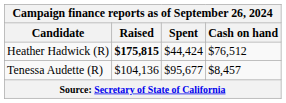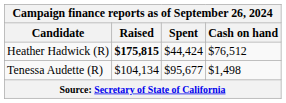 <table class="wikitable sortable">
 <tr>
 <th colspan=4>Campaign finance reports as of September 26, 2024</th>
 </tr>
 <tr style="text-align:center;">
 <th>Candidate</th>
 <th>Raised</th>
 <th>Spent</th>
 <th>Cash on hand</th>
 </tr>
 <tr>
 <td style="background-color:">Heather Hadwick (R)</td>
 <td><strong>$175,815</strong></td>
 <td>$44,424</td>
 <td>$76,512</td>
 </tr>
 <tr>
 <td style="background-color:">Tenessa Audette (R)</td>
-<td>$104,136</td>
+<td>$104,134</td>
 <td>$95,677</td>
-<td>$8,457</td>
+<td>$1,498</td>
 </tr>
 <tr>
 <th colspan="4"><small>Source: <a href='#'>Secretary of State of California</a></small></th>
 </tr>
 </table>
